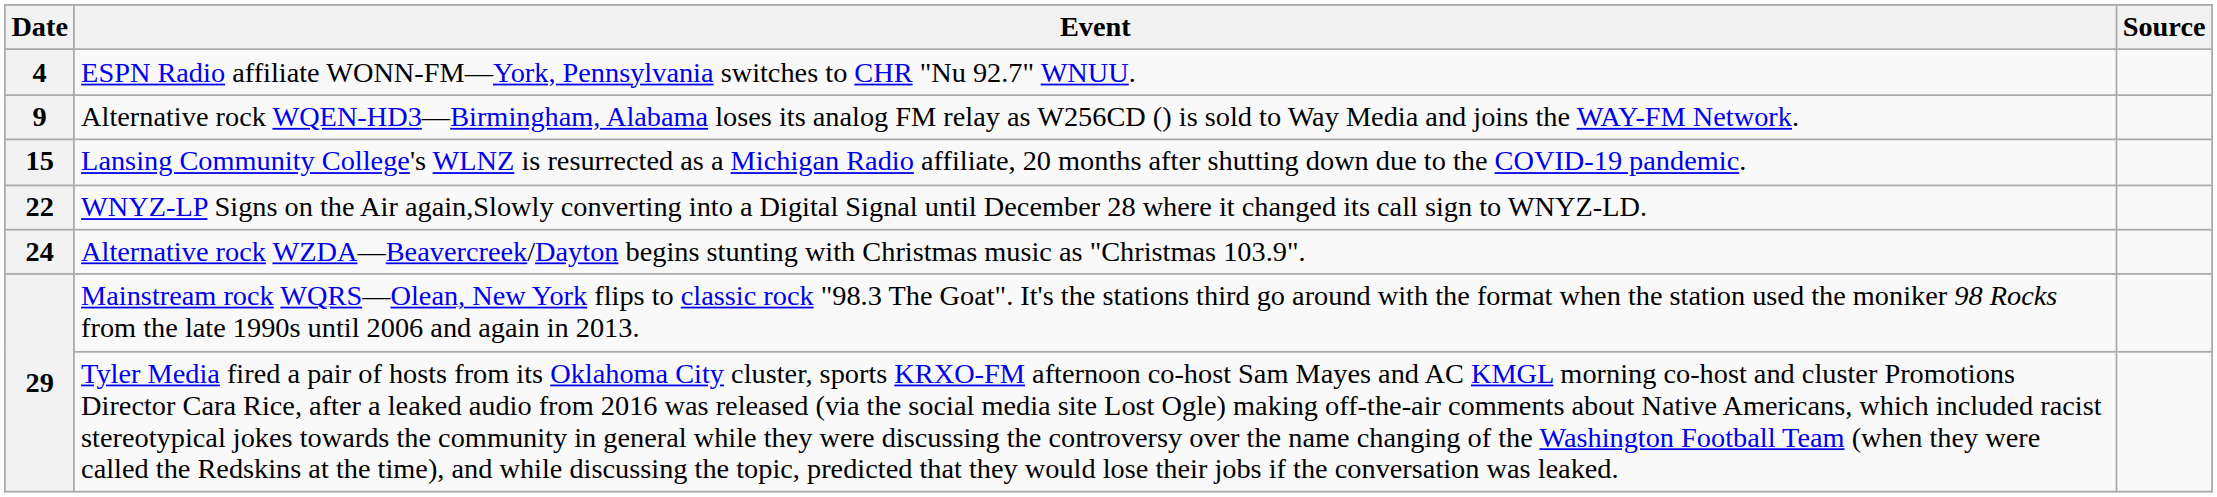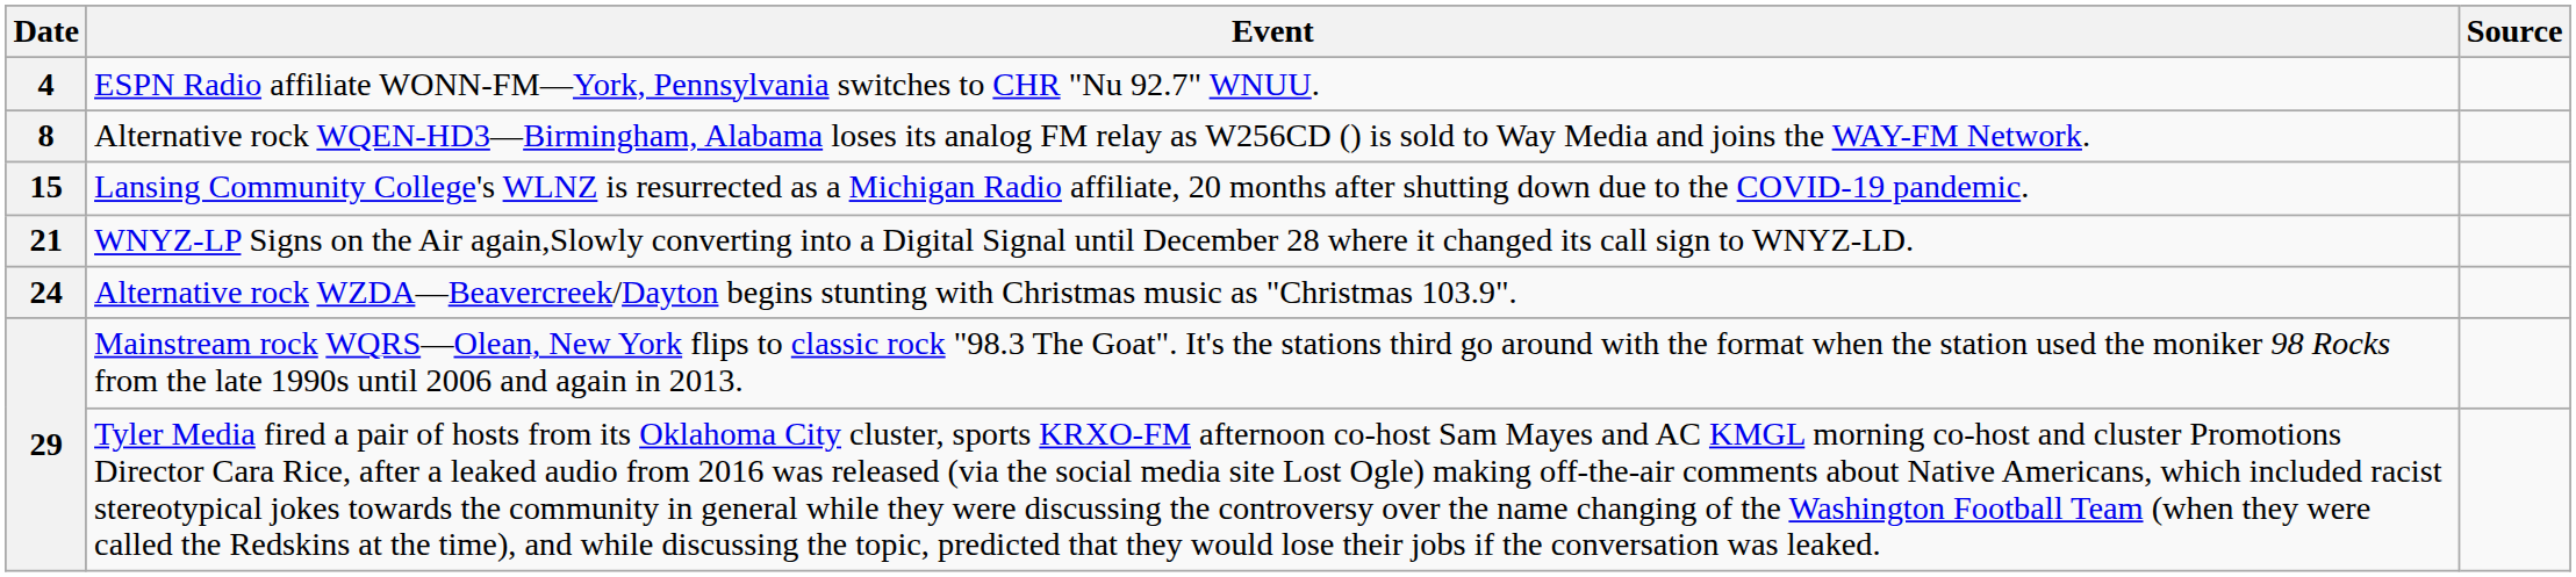 <table class=wikitable>
 <tr>
 <th>Date</th>
 <th>Event</th>
 <th>Source</th>
 </tr>
 <tr>
 <th>4</th>
 <td><a href='#'>ESPN Radio</a> affiliate WONN-FM—<a href='#'>York, Pennsylvania</a> switches to <a href='#'>CHR</a> "Nu 92.7" <a href='#'>WNUU</a>.</td>
 <td></td>
 </tr>
 <tr>
-<th>9</th>
+<th>8</th>
 <td>Alternative rock <a href='#'>WQEN-HD3</a>—<a href='#'>Birmingham, Alabama</a> loses its analog FM relay as W256CD () is sold to Way Media and joins the <a href='#'>WAY-FM Network</a>.</td>
 <td></td>
 </tr>
 <tr>
 <th>15</th>
 <td><a href='#'>Lansing Community College</a>'s <a href='#'>WLNZ</a> is resurrected as a <a href='#'>Michigan Radio</a> affiliate, 20 months after shutting down due to the <a href='#'>COVID-19 pandemic</a>.</td>
 <td></td>
 </tr>
 <tr>
-<th>22</th>
+<th>21</th>
 <td><a href='#'>WNYZ-LP</a> Signs on the Air again,Slowly converting into a Digital Signal until December 28 where it changed its call sign to WNYZ-LD.</td>
 </tr>
 <tr>
 <th>24</th>
 <td><a href='#'>Alternative rock</a> <a href='#'>WZDA</a>—<a href='#'>Beavercreek</a>/<a href='#'>Dayton</a> begins stunting with Christmas music as "Christmas 103.9".</td>
 <td></td>
 </tr>
 <tr>
 <th rowspan=2>29</th>
 <td><a href='#'>Mainstream rock</a> <a href='#'>WQRS</a>—<a href='#'>Olean, New York</a> flips to <a href='#'>classic rock</a> "98.3 The Goat". It's the stations third go around with the format when the station used the moniker <em>98 Rocks</em> from the late 1990s until 2006 and again in 2013.</td>
 <td></td>
 </tr>
 <tr>
 <td><a href='#'>Tyler Media</a> fired a pair of hosts from its <a href='#'>Oklahoma City</a> cluster, sports <a href='#'>KRXO-FM</a> afternoon co-host Sam Mayes and AC <a href='#'>KMGL</a> morning co-host and cluster Promotions Director Cara Rice, after a leaked audio from 2016 was released (via the social media site Lost Ogle) making off-the-air comments about Native Americans, which included racist stereotypical jokes towards the community in general while they were discussing the controversy over the name changing of the <a href='#'>Washington Football Team</a> (when they were called the Redskins at the time), and while discussing the topic, predicted that they would lose their jobs if the conversation was leaked.</td>
 <td></td>
 </tr>
 </table>
